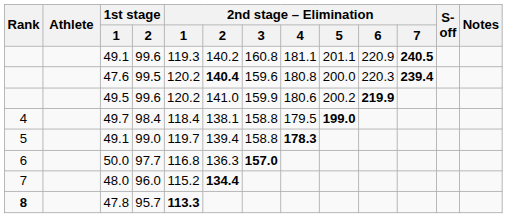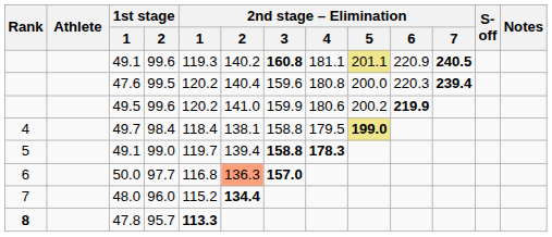 <table class="wikitable" style="text-align:center">
 <tr>
 <th rowspan=2 width=40>Rank</th>
 <th rowspan=2 width=250>Athlete</th>
 <th colspan=2>1st stage</th>
 <th colspan=7>2nd stage – Elimination</th>
 <th rowspan=2 width=35>S-off</th>
 <th rowspan=2 width=45>Notes</th>
 </tr>
 <tr>
 <th width=40>1</th>
 <th width=40>2</th>
 <th width=40>1</th>
 <th width=40>2</th>
 <th width=40>3</th>
 <th width=40>4</th>
 <th width=40>5</th>
 <th width=40>6</th>
 <th width=40>7</th>
 </tr>
 <tr>
 <td></td>
 <td align=left></td>
 <td>49.1</td>
 <td>99.6</td>
 <td>119.3</td>
 <td>140.2</td>
-<td>160.8</td>
+<td><strong>160.8</strong></td>
 <td>181.1</td>
-<td>201.1</td>
+<td style="background: khaki;">201.1</td>
 <td>220.9</td>
 <td><strong>240.5</strong></td>
 <td></td>
 <td></td>
 </tr>
 <tr>
 <td></td>
 <td align=left></td>
 <td>47.6</td>
 <td>99.5</td>
 <td>120.2</td>
-<td><strong>140.4</strong></td>
+<td>140.4</td>
 <td>159.6</td>
 <td>180.8</td>
 <td>200.0</td>
 <td>220.3</td>
 <td><strong>239.4</strong></td>
 <td></td>
 <td></td>
 </tr>
 <tr>
 <td></td>
 <td align=left></td>
 <td>49.5</td>
 <td>99.6</td>
 <td>120.2</td>
 <td>141.0</td>
 <td>159.9</td>
 <td>180.6</td>
 <td>200.2</td>
 <td><strong>219.9</strong></td>
 <td></td>
 <td></td>
 <td></td>
 </tr>
 <tr>
 <td>4</td>
 <td align=left></td>
 <td>49.7</td>
 <td>98.4</td>
 <td>118.4</td>
 <td>138.1</td>
 <td>158.8</td>
 <td>179.5</td>
-<td><strong>199.0</strong></td>
+<td style="background: khaki;"><strong>199.0</strong></td>
 <td></td>
 <td></td>
 <td></td>
 <td></td>
 </tr>
 <tr>
 <td>5</td>
 <td align=left></td>
 <td>49.1</td>
 <td>99.0</td>
 <td>119.7</td>
 <td>139.4</td>
-<td>158.8</td>
+<td><strong>158.8</strong></td>
 <td><strong>178.3</strong></td>
 <td></td>
 <td></td>
 <td></td>
 <td></td>
 <td></td>
 </tr>
 <tr>
 <td>6</td>
 <td align=left></td>
 <td>50.0</td>
 <td>97.7</td>
 <td>116.8</td>
-<td>136.3</td>
+<td style="background: lightsalmon;">136.3</td>
 <td><strong>157.0</strong></td>
 <td></td>
 <td></td>
 <td></td>
 <td></td>
 <td></td>
 <td></td>
 </tr>
 <tr>
 <td>7</td>
 <td align=left></td>
 <td>48.0</td>
 <td>96.0</td>
 <td>115.2</td>
 <td><strong>134.4</strong></td>
 <td></td>
 <td></td>
 <td></td>
 <td></td>
 <td></td>
 <td></td>
 <td></td>
 </tr>
 <tr>
 <td><strong>8</strong></td>
 <td align=left></td>
 <td>47.8</td>
 <td>95.7</td>
 <td><strong>113.3</strong></td>
 <td></td>
 <td></td>
 <td></td>
 <td></td>
 <td></td>
 <td></td>
 <td></td>
 <td></td>
 </tr>
 </table>
